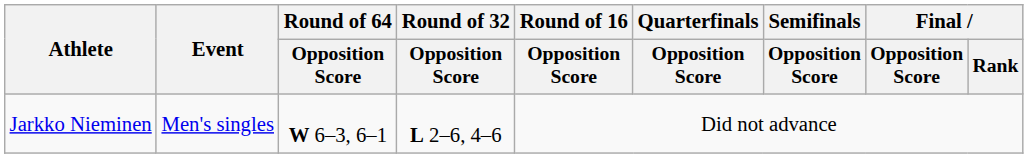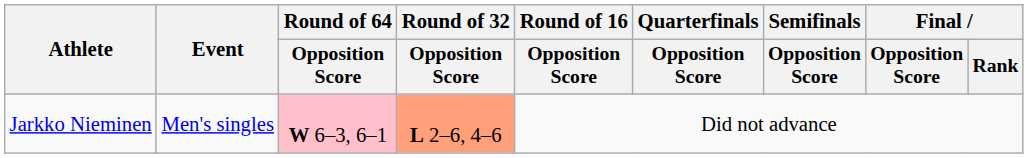 <table class=wikitable style="font-size:90%">
 <tr>
 <th rowspan=2>Athlete</th>
 <th rowspan=2>Event</th>
 <th>Round of 64</th>
 <th>Round of 32</th>
 <th>Round of 16</th>
 <th>Quarterfinals</th>
 <th>Semifinals</th>
 <th colspan=2>Final / </th>
 </tr>
 <tr style="font-size:95%">
 <th>Opposition<br>Score</th>
 <th>Opposition<br>Score</th>
 <th>Opposition<br>Score</th>
 <th>Opposition<br>Score</th>
 <th>Opposition<br>Score</th>
 <th>Opposition<br>Score</th>
 <th>Rank</th>
 </tr>
 <tr align=center>
 <td align=left><a href='#'>Jarkko Nieminen</a></td>
 <td align=left><a href='#'>Men's singles</a></td>
-<td><br><strong>W</strong> 6–3, 6–1</td>
-<td><br><strong>L</strong> 2–6, 4–6</td>
+<td style="background: pink;"><br><strong>W</strong> 6–3, 6–1</td>
+<td style="background: lightsalmon;"><br><strong>L</strong> 2–6, 4–6</td>
 <td colspan=5>Did not advance</td>
 </tr>
 </table>
